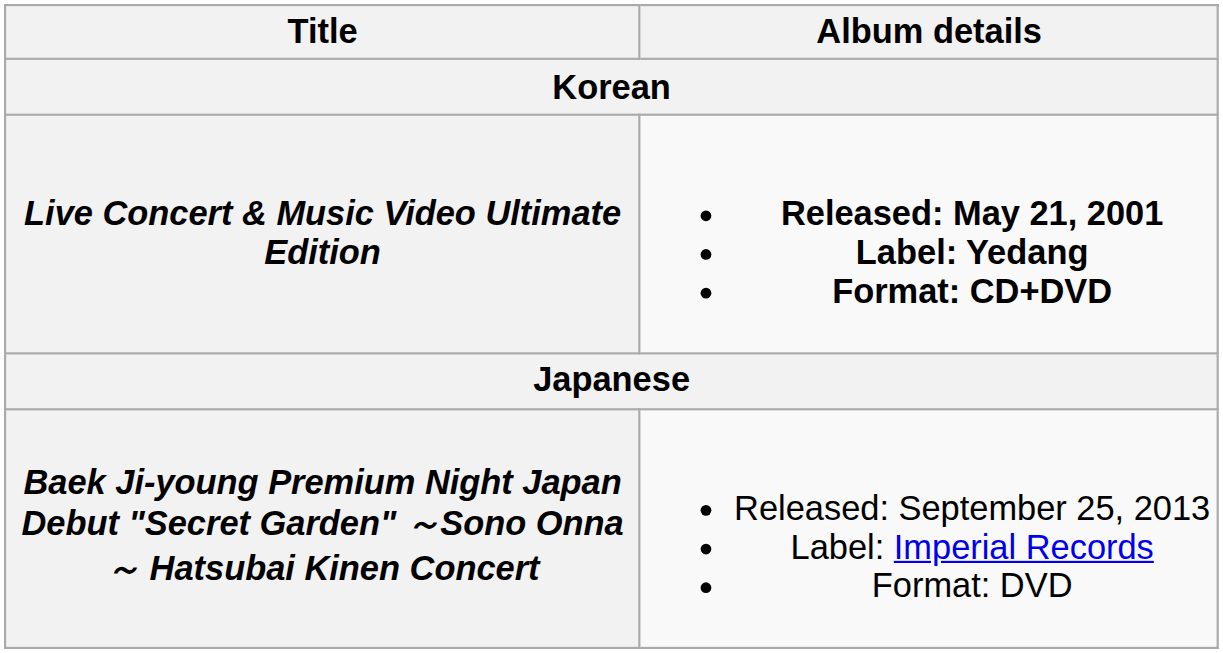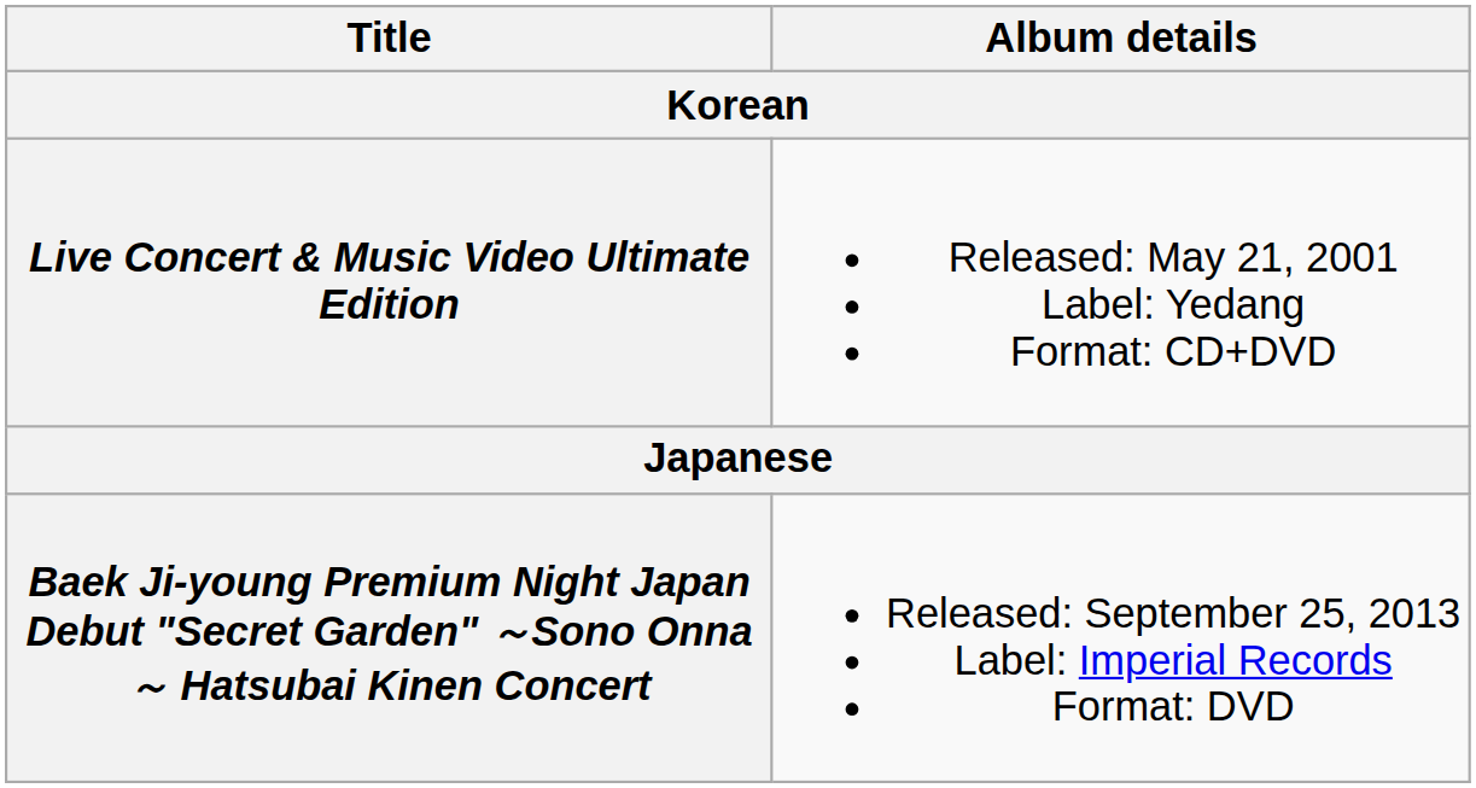 <table class="wikitable plainrowheaders" style="text-align:center;">
 <tr>
 <th scope="col" style="width:18em;">Title</th>
 <th scope="col">Album details</th>
 </tr>
 <tr>
 <th colspan="5">Korean</th>
 </tr>
 <tr>
 <th scope="row"><em>Live Concert & Music Video Ultimate Edition</em></th>
-<td><strong><br><ul><li>Released: May 21, 2001</li><li>Label: Yedang</li><li>Format: CD+DVD</li></ul></strong></td>
+<td><br><ul><li>Released: May 21, 2001</li><li>Label: Yedang</li><li>Format: CD+DVD</li></ul></td>
 </tr>
 <tr>
 <th colspan="5">Japanese</th>
 </tr>
 <tr>
 <th scope="row"><em>Baek Ji-young Premium Night Japan Debut "Secret Garden" ～Sono Onna～ Hatsubai Kinen Concert</em></th>
 <td><br><ul><li>Released: September 25, 2013</li><li>Label: <a href='#'>Imperial Records</a></li><li>Format: DVD</li></ul></td>
 </tr>
 </table>
